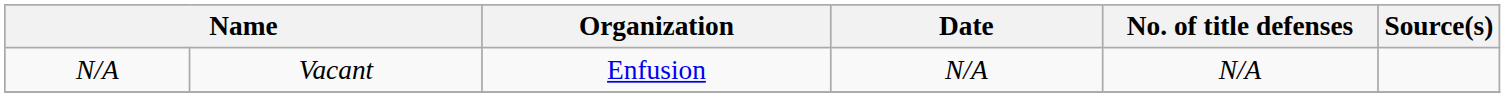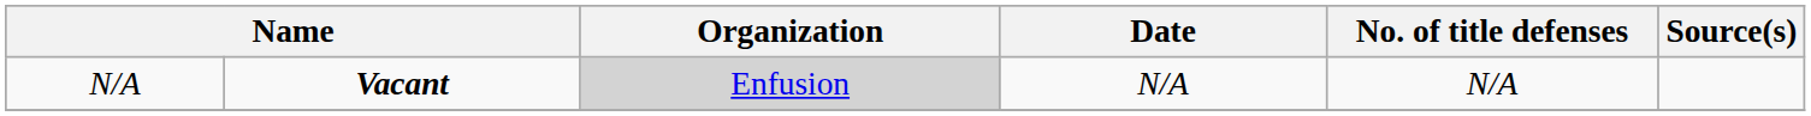 <table class="wikitable" style="width:99%; text-align:center;">
 <tr>
 <th colspan="2" style="width:35%;">Name</th>
 <th style="width:25%;">Organization</th>
 <th width=20%>Date</th>
 <th width=20%>No. of title defenses</th>
 <th>Source(s)</th>
 </tr>
 <tr>
 <td><em>N/A</em></td>
-<td><em>Vacant</em></td>
-<td><a href='#'>Enfusion</a></td>
+<td><strong><em>Vacant</em></strong></td>
+<td style="background: lightgrey;"><a href='#'>Enfusion</a></td>
 <td><em>N/A</em></td>
 <td><em>N/A</em></td>
 <td></td>
 </tr>
 <tr>
 </tr>
 </table>
